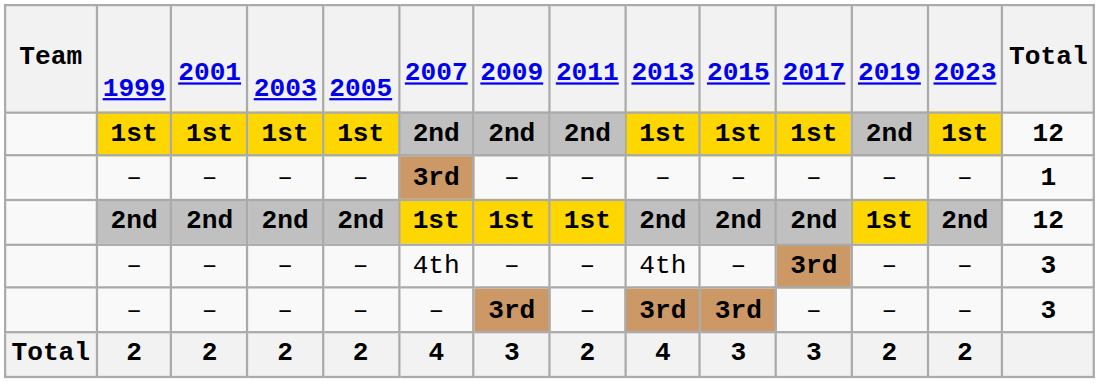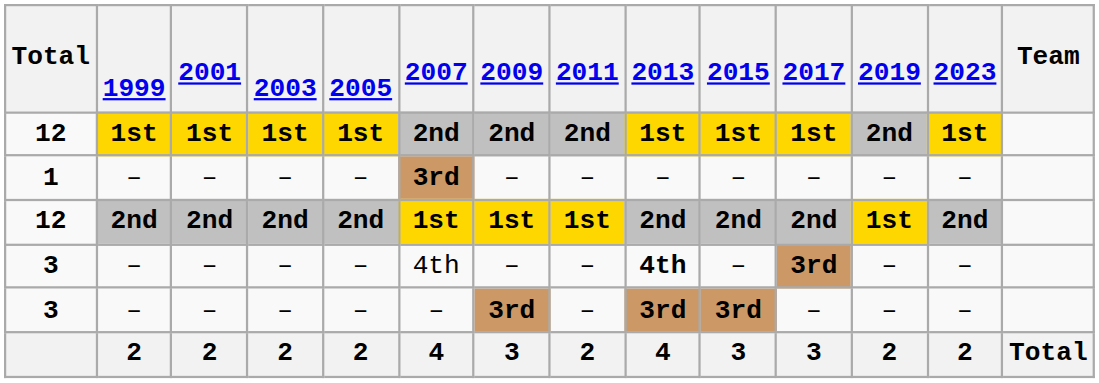 <table class=wikitable style="text-align:center; font-size:90%">
 <tr>
-<th>Team</th>
+<th>Total</th>
 <th><br><br><a href='#'>1999</a></th>
 <th><br><a href='#'>2001</a></th>
 <th><br><br><a href='#'>2003</a></th>
 <th><br><br><a href='#'>2005</a></th>
 <th><br><a href='#'>2007</a></th>
 <th><br><a href='#'>2009</a></th>
 <th><br><a href='#'>2011</a></th>
 <th><br><a href='#'>2013</a></th>
 <th><br><a href='#'>2015</a></th>
 <th><br><a href='#'>2017</a></th>
 <th><br><a href='#'>2019</a></th>
 <th><br><a href='#'>2023</a></th>
-<th>Total</th>
+<th>Team</th>
 </tr>
 <tr>
-<td align=left></td>
+<td><strong>12</strong></td>
 <td bgcolor=gold><strong>1st</strong></td>
 <td bgcolor=gold><strong>1st</strong></td>
 <td bgcolor=gold><strong>1st</strong></td>
 <td bgcolor=gold><strong>1st</strong></td>
 <td bgcolor=silver><strong>2nd</strong></td>
 <td bgcolor=silver><strong>2nd</strong></td>
 <td bgcolor=silver><strong>2nd</strong></td>
 <td bgcolor=gold><strong>1st</strong></td>
 <td bgcolor=gold><strong>1st</strong></td>
 <td bgcolor=gold><strong>1st</strong></td>
 <td bgcolor=silver><strong>2nd</strong></td>
 <td bgcolor=gold><strong>1st</strong></td>
-<td><strong>12</strong></td>
+<td align=left></td>
 </tr>
 <tr>
-<td align=left></td>
+<td><strong>1</strong></td>
 <td>–</td>
 <td>–</td>
 <td>–</td>
 <td>–</td>
 <td bgcolor=#cc9966><strong>3rd</strong></td>
 <td>–</td>
 <td>–</td>
 <td>–</td>
 <td>–</td>
 <td>–</td>
 <td>–</td>
 <td>–</td>
-<td><strong>1</strong></td>
+<td align=left></td>
 </tr>
 <tr>
-<td align=left></td>
+<td><strong>12</strong></td>
 <td bgcolor=silver><strong>2nd</strong></td>
 <td bgcolor=silver><strong>2nd</strong></td>
 <td bgcolor=silver><strong>2nd</strong></td>
 <td bgcolor=silver><strong>2nd</strong></td>
 <td bgcolor=gold><strong>1st</strong></td>
 <td bgcolor=gold><strong>1st</strong></td>
 <td bgcolor=gold><strong>1st</strong></td>
 <td bgcolor=silver><strong>2nd</strong></td>
 <td bgcolor=silver><strong>2nd</strong></td>
 <td bgcolor=silver><strong>2nd</strong></td>
 <td bgcolor=gold><strong>1st</strong></td>
 <td bgcolor=silver><strong>2nd</strong></td>
-<td><strong>12</strong></td>
+<td align=left></td>
 </tr>
 <tr>
-<td align=left></td>
+<td><strong>3</strong></td>
 <td>–</td>
 <td>–</td>
 <td>–</td>
 <td>–</td>
 <td>4th</td>
 <td>–</td>
 <td>–</td>
-<td>4th</td>
+<td><strong>4th</strong></td>
 <td>–</td>
 <td bgcolor=#cc9966><strong>3rd</strong></td>
 <td>–</td>
 <td>–</td>
-<td><strong>3</strong></td>
+<td align=left></td>
 </tr>
 <tr>
-<td align=left></td>
+<td><strong>3</strong></td>
 <td>–</td>
 <td>–</td>
 <td>–</td>
 <td>–</td>
 <td>–</td>
 <td bgcolor=#cc9966><strong>3rd</strong></td>
 <td>–</td>
 <td bgcolor=#cc9966><strong>3rd</strong></td>
 <td bgcolor=#cc9966><strong>3rd</strong></td>
 <td>–</td>
 <td>–</td>
 <td>–</td>
-<td><strong>3</strong></td>
+<td align=left></td>
 </tr>
 <tr>
-<th>Total</th>
+<th></th>
 <th>2</th>
 <th>2</th>
 <th>2</th>
 <th>2</th>
 <th>4</th>
 <th>3</th>
 <th>2</th>
 <th>4</th>
 <th>3</th>
 <th>3</th>
 <th>2</th>
 <th>2</th>
-<th></th>
+<th>Total</th>
 </tr>
 </table>
